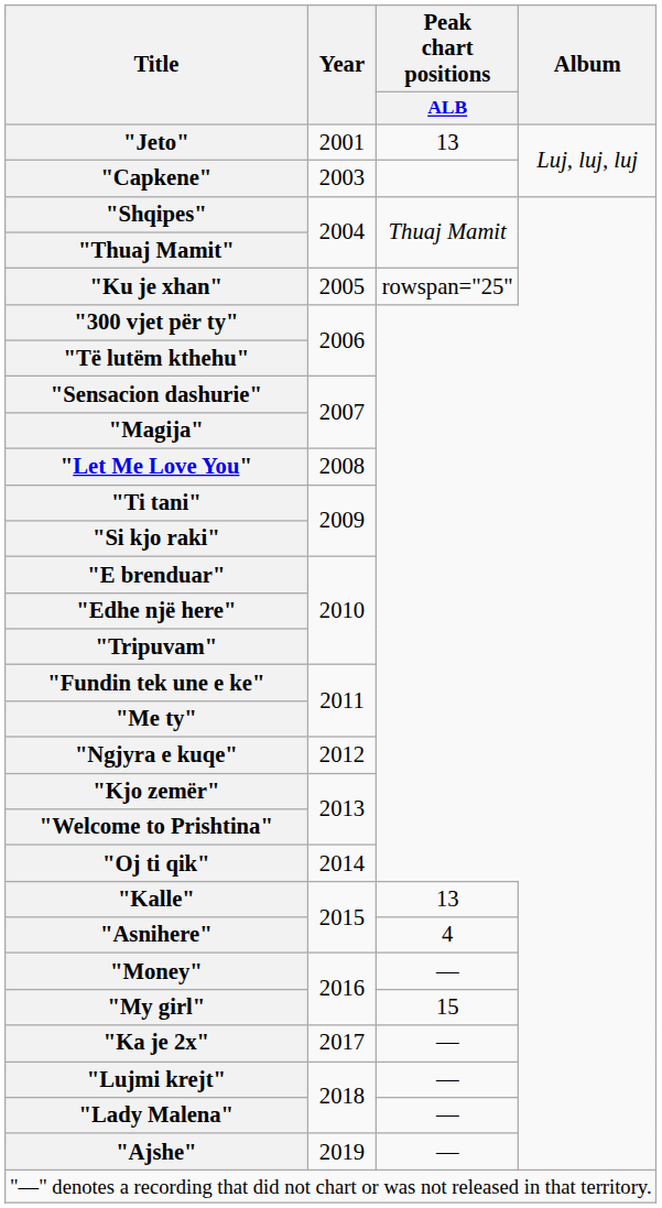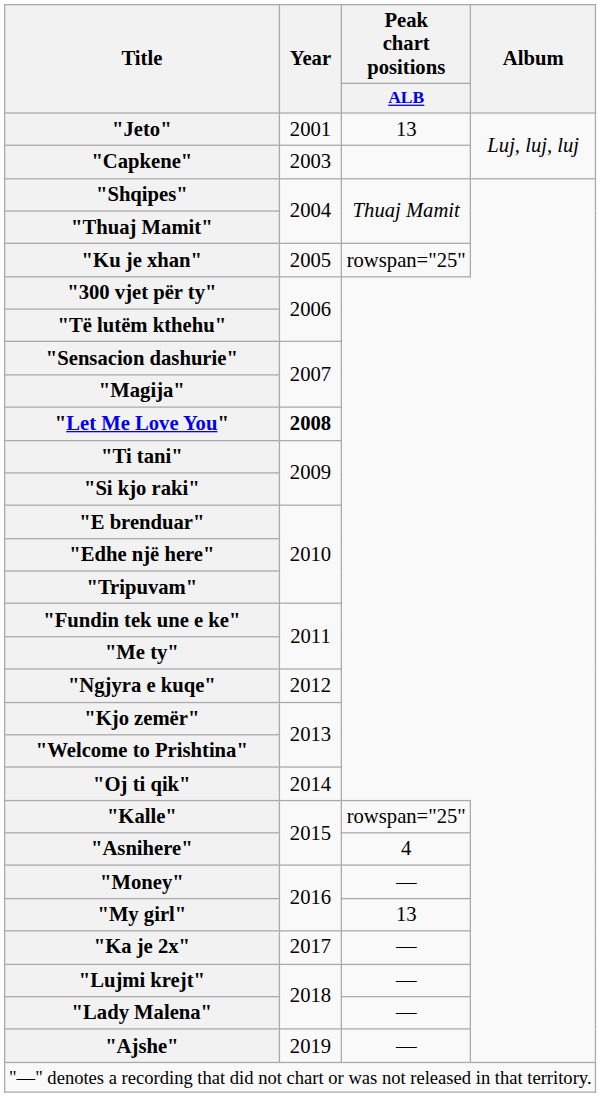 <table class="wikitable plainrowheaders" style="text-align:center;">
 <tr>
 <th scope="col" rowspan="2">Title</th>
 <th scope="col" rowspan="2">Year</th>
 <th scope="col" colspan="1">Peak<br>chart<br>positions</th>
 <th scope="col" rowspan="2">Album</th>
 </tr>
 <tr>
 <th scope="col" style="width:3em;font-size:85%;"><a href='#'>ALB</a><br></th>
 </tr>
 <tr>
 <th scope="row">"Jeto"</th>
 <td>2001</td>
 <td>13</td>
 <td rowspan="2"><em>Luj, luj, luj</em></td>
 </tr>
 <tr>
 <th scope="row">"Capkene"</th>
 <td>2003</td>
 </tr>
 <tr>
 <th scope="row">"Shqipes"</th>
 <td rowspan="2">2004</td>
 <td rowspan="2"><em>Thuaj Mamit</em></td>
 </tr>
 <tr>
 <th scope="row">"Thuaj Mamit"</th>
 </tr>
 <tr>
 <th scope="row">"Ku je xhan"</th>
 <td>2005</td>
 <td>rowspan="25" </td>
 </tr>
 <tr>
 <th scope="row">"300 vjet për ty"</th>
 <td rowspan="2">2006</td>
 </tr>
 <tr>
 <th scope="row">"Të lutëm kthehu"</th>
 </tr>
 <tr>
 <th scope="row">"Sensacion dashurie"<br></th>
 <td rowspan="2">2007</td>
 </tr>
 <tr>
 <th scope="row">"Magija"<br></th>
 </tr>
 <tr>
 <th scope="row">"<a href='#'>Let Me Love You</a>"<br></th>
-<td>2008</td>
+<td><strong>2008</strong></td>
 </tr>
 <tr>
 <th scope="row">"Ti tani"<br></th>
 <td rowspan="2">2009</td>
 </tr>
 <tr>
 <th scope="row">"Si kjo raki"<br></th>
 </tr>
 <tr>
 <th scope="row">"E brenduar"</th>
 <td rowspan="3">2010</td>
 </tr>
 <tr>
 <th scope="row">"Edhe një here"</th>
 </tr>
 <tr>
 <th scope="row">"Tripuvam"</th>
 </tr>
 <tr>
 <th scope="row">"Fundin tek une e ke"</th>
 <td rowspan="2">2011</td>
 </tr>
 <tr>
 <th scope="row">"Me ty"</th>
 </tr>
 <tr>
 <th scope="row">"Ngjyra e kuqe"<br></th>
 <td>2012</td>
 </tr>
 <tr>
 <th scope="row">"Kjo zemër"<br></th>
 <td rowspan="2">2013</td>
 </tr>
 <tr>
 <th scope="row">"Welcome to Prishtina"<br></th>
 </tr>
 <tr>
 <th scope="row">"Oj ti qik"<br></th>
 <td>2014</td>
 </tr>
 <tr>
 <th scope="row">"Kalle"<br></th>
 <td rowspan="2">2015</td>
-<td>13</td>
+<td>rowspan="25" </td>
 </tr>
 <tr>
 <th scope="row">"Asnihere"<br></th>
 <td>4</td>
 </tr>
 <tr>
 <th scope="row">"Money"<br></th>
 <td rowspan="2">2016</td>
 <td>—</td>
 </tr>
 <tr>
 <th scope="row">"My girl"<br></th>
-<td>15</td>
+<td>13</td>
 </tr>
 <tr>
 <th scope="row">"Ka je 2x"<br></th>
 <td>2017</td>
 <td>—</td>
 </tr>
 <tr>
 <th scope="row">"Lujmi krejt"<br></th>
 <td rowspan="2">2018</td>
 <td>—</td>
 </tr>
 <tr>
 <th scope="row">"Lady Malena"<br></th>
 <td>—</td>
 </tr>
 <tr>
 <th scope="row">"Ajshe"<br></th>
 <td>2019</td>
 <td>—</td>
 </tr>
 <tr>
 <td colspan="11" style="font-size:90%">"—" denotes a recording that did not chart or was not released in that territory.</td>
 </tr>
 </table>
